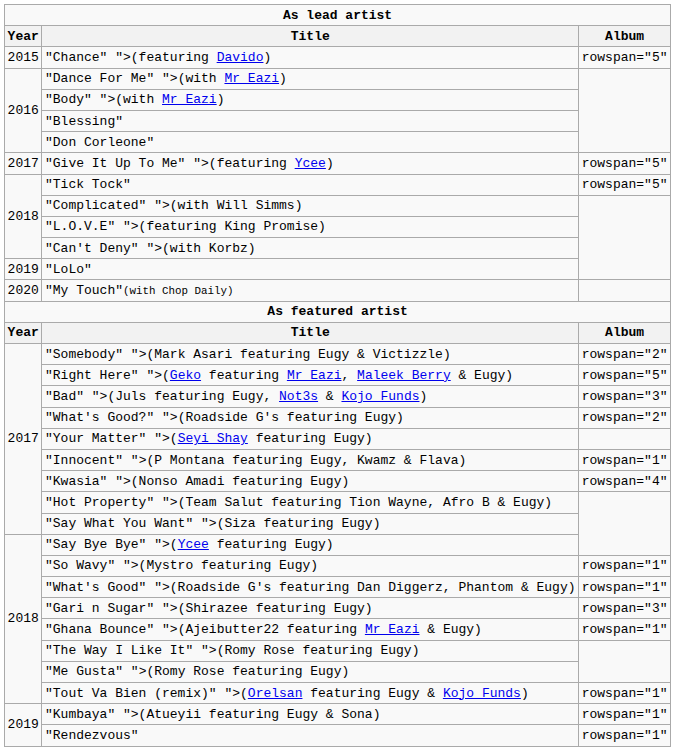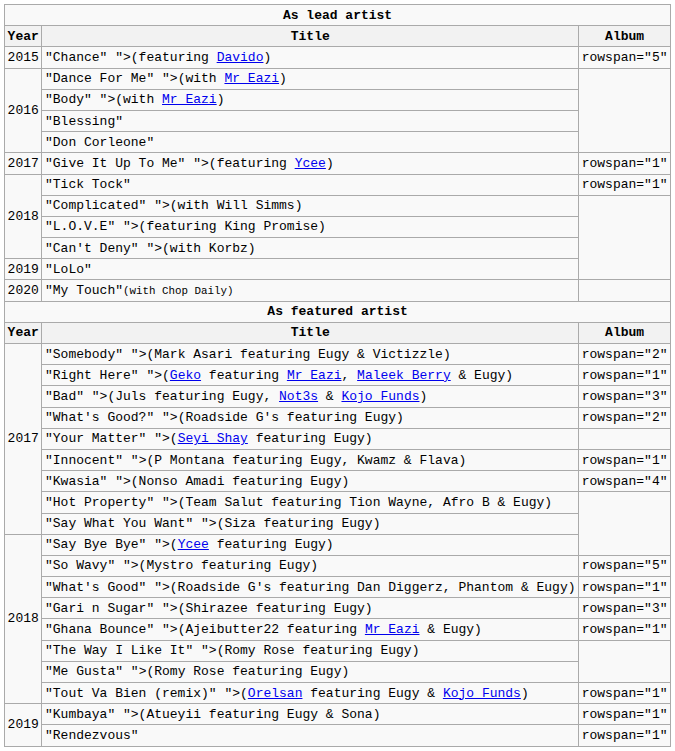 <table class="wikitable sortable">
 <tr>
 <td colspan="3" style="font-size:100%; text-align: center;"><strong>As lead artist</strong></td>
 </tr>
 <tr>
 <th>Year</th>
 <th>Title</th>
 <th>Album</th>
 </tr>
 <tr>
 <td>2015</td>
 <td>"Chance" <span>">(featuring <a href='#'>Davido</a>)</span></td>
 <td>rowspan="5"</td>
 </tr>
 <tr>
 <td rowspan="4">2016</td>
 <td>"Dance For Me" <span>">(with <a href='#'>Mr Eazi</a>)</span></td>
 </tr>
 <tr>
 <td>"Body" <span>">(with <a href='#'>Mr Eazi</a>)</span></td>
 </tr>
 <tr>
 <td>"Blessing"</td>
 </tr>
 <tr>
 <td>"Don Corleone"</td>
 </tr>
 <tr>
 <td>2017</td>
 <td>"Give It Up To Me" <span>">(featuring <a href='#'>Ycee</a>)</span></td>
-<td>rowspan="5"</td>
+<td>rowspan="1"</td>
 </tr>
 <tr>
 <td rowspan="5">2018</td>
 </tr>
 <tr>
 <td>"Tick Tock"</td>
-<td>rowspan="5"</td>
+<td>rowspan="1"</td>
 </tr>
 <tr>
 <td>"Complicated" <span>">(with Will Simms)</span></td>
 </tr>
 <tr>
 <td>"L.O.V.E" <span>">(featuring King Promise)</span></td>
 </tr>
 <tr>
 <td>"Can't Deny" <span>">(with Korbz)</span></td>
 </tr>
 <tr>
 <td>2019</td>
 <td>"LoLo"</td>
 </tr>
 <tr>
 <td>2020</td>
 <td>"My Touch"<small>(with Chop Daily)</small></td>
 <td></td>
 </tr>
 <tr>
 <td colspan="3" style="font-size:100%; text-align: center;"><strong>As featured artist</strong></td>
 </tr>
 <tr>
 <th>Year</th>
 <th>Title</th>
 <th>Album</th>
 </tr>
 <tr>
 <td rowspan="9">2017</td>
 <td>"Somebody" <span>">(Mark Asari featuring Eugy & Victizzle)</span></td>
 <td>rowspan="2"</td>
 </tr>
 <tr>
 <td>"Right Here" <span>">(<a href='#'>Geko</a> featuring <a href='#'>Mr Eazi</a>, <a href='#'>Maleek Berry</a> & Eugy)</span></td>
-<td>rowspan="5"</td>
+<td>rowspan="1"</td>
 </tr>
 <tr>
 <td>"Bad" <span>">(Juls featuring Eugy, <a href='#'>Not3s</a> & <a href='#'>Kojo Funds</a>)</span></td>
 <td>rowspan="3"</td>
 </tr>
 <tr>
 <td>"What's Good?" <span>">(Roadside G's featuring Eugy)</span></td>
 <td>rowspan="2"</td>
 </tr>
 <tr>
 <td>"Your Matter" <span>">(<a href='#'>Seyi Shay</a> featuring Eugy)</span></td>
 </tr>
 <tr>
 <td>"Innocent" <span>">(P Montana featuring Eugy, Kwamz & Flava)</span></td>
 <td>rowspan="1"</td>
 </tr>
 <tr>
 <td>"Kwasia" <span>">(Nonso Amadi featuring Eugy)</span></td>
 <td>rowspan="4"</td>
 </tr>
 <tr>
 <td>"Hot Property" <span>">(Team Salut featuring Tion Wayne, Afro B & Eugy)</span></td>
 </tr>
 <tr>
 <td>"Say What You Want" <span>">(Siza featuring Eugy)</span></td>
 </tr>
 <tr>
 <td rowspan="8">2018</td>
 <td>"Say Bye Bye" <span>">(<a href='#'>Ycee</a> featuring Eugy)</span></td>
 </tr>
 <tr>
 <td>"So Wavy" <span>">(Mystro featuring Eugy)</span></td>
-<td>rowspan="1"</td>
+<td>rowspan="5"</td>
 </tr>
 <tr>
 <td>"What's Good" <span>">(Roadside G's featuring Dan Diggerz, Phantom & Eugy)</span></td>
 <td>rowspan="1"</td>
 </tr>
 <tr>
 <td>"Gari n Sugar" <span>">(Shirazee featuring Eugy)</span></td>
 <td>rowspan="3"</td>
 </tr>
 <tr>
 <td>"Ghana Bounce" <span>">(Ajeibutter22 featuring <a href='#'>Mr Eazi</a> & Eugy)</span></td>
 <td>rowspan="1"</td>
 </tr>
 <tr>
 <td>"The Way I Like It" <span>">(Romy Rose featuring Eugy)</span></td>
 </tr>
 <tr>
 <td>"Me Gusta" <span>">(Romy Rose featuring Eugy)</span></td>
 </tr>
 <tr>
 <td>"Tout Va Bien (remix)" <span>">(<a href='#'>Orelsan</a> featuring Eugy & <a href='#'>Kojo Funds</a>)</span></td>
 <td>rowspan="1"</td>
 </tr>
 <tr>
 <td rowspan="2">2019</td>
 <td>"Kumbaya" <span>">(Atueyii featuring Eugy & Sona)</span></td>
 <td>rowspan="1"</td>
 </tr>
 <tr>
 <td>"Rendezvous" </td>
 <td>rowspan="1"</td>
 </tr>
 </table>
